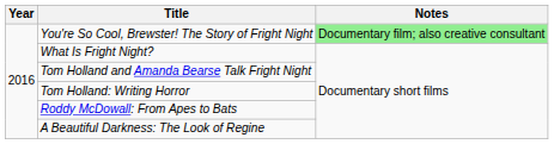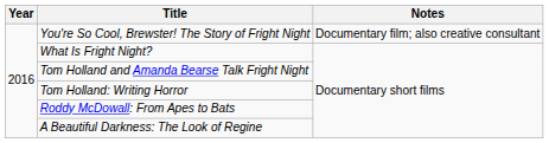 <table class="wikitable">
 <tr>
 <th>Year</th>
 <th>Title</th>
 <th>Notes</th>
 </tr>
 <tr>
 <td rowspan="6">2016</td>
 <td><em>You're So Cool, Brewster! The Story of Fright Night</em></td>
-<td style="background: lightgreen;">Documentary film; also creative consultant</td>
+<td>Documentary film; also creative consultant</td>
 </tr>
 <tr>
 <td><em>What Is Fright Night?</em></td>
 <td rowspan="5">Documentary short films</td>
 </tr>
 <tr>
 <td><em>Tom Holland and <a href='#'>Amanda Bearse</a> Talk Fright Night</em></td>
 </tr>
 <tr>
 <td><em>Tom Holland: Writing Horror</em></td>
 </tr>
 <tr>
 <td><em><a href='#'>Roddy McDowall</a>: From Apes to Bats</em></td>
 </tr>
 <tr>
 <td><em>A Beautiful Darkness: The Look of Regine</em></td>
 </tr>
 </table>
